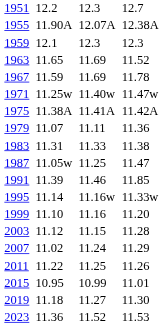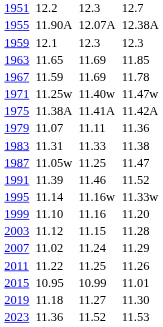 <table>
 <tr valign="top">
 <td><a href='#'>1951</a><br></td>
 <td></td>
 <td>12.2</td>
 <td></td>
 <td>12.3</td>
 <td></td>
 <td>12.7</td>
 </tr>
 <tr valign="top">
 <td><a href='#'>1955</a><br></td>
 <td></td>
 <td>11.90A</td>
 <td></td>
 <td>12.07A</td>
 <td></td>
 <td>12.38A</td>
 </tr>
 <tr valign="top">
 <td><a href='#'>1959</a><br></td>
 <td></td>
 <td>12.1</td>
 <td></td>
 <td>12.3</td>
 <td></td>
 <td>12.3</td>
 </tr>
 <tr valign="top">
 <td><a href='#'>1963</a><br></td>
 <td></td>
 <td>11.65</td>
 <td></td>
 <td>11.69</td>
 <td></td>
-<td>11.52</td>
+<td>11.85</td>
 </tr>
 <tr valign="top">
 <td><a href='#'>1967</a><br></td>
 <td></td>
 <td>11.59</td>
 <td></td>
 <td>11.69</td>
 <td></td>
 <td>11.78</td>
 </tr>
 <tr valign="top">
 <td><a href='#'>1971</a><br></td>
 <td></td>
 <td>11.25w</td>
 <td></td>
 <td>11.40w</td>
 <td></td>
 <td>11.47w</td>
 </tr>
 <tr valign="top">
 <td><a href='#'>1975</a><br></td>
 <td></td>
 <td>11.38A</td>
 <td></td>
 <td>11.41A</td>
 <td></td>
 <td>11.42A</td>
 </tr>
 <tr valign="top">
 <td><a href='#'>1979</a><br></td>
 <td></td>
 <td>11.07</td>
 <td></td>
 <td>11.11</td>
 <td></td>
 <td>11.36</td>
 </tr>
 <tr valign="top">
 <td><a href='#'>1983</a><br></td>
 <td></td>
 <td>11.31</td>
 <td></td>
 <td>11.33</td>
 <td></td>
 <td>11.38</td>
 </tr>
 <tr valign="top">
 <td><a href='#'>1987</a><br></td>
 <td></td>
 <td>11.05w</td>
 <td></td>
 <td>11.25</td>
 <td></td>
 <td>11.47</td>
 </tr>
 <tr valign="top">
 <td><a href='#'>1991</a><br></td>
 <td></td>
 <td>11.39</td>
 <td></td>
 <td>11.46</td>
 <td></td>
-<td>11.85</td>
+<td>11.52</td>
 </tr>
 <tr valign="top">
 <td><a href='#'>1995</a><br></td>
 <td></td>
 <td>11.14</td>
 <td></td>
 <td>11.16w</td>
 <td></td>
 <td>11.33w</td>
 </tr>
 <tr valign="top">
 <td><a href='#'>1999</a><br></td>
 <td></td>
 <td>11.10</td>
 <td></td>
 <td>11.16</td>
 <td></td>
 <td>11.20</td>
 </tr>
 <tr valign="top">
 <td><a href='#'>2003</a><br></td>
 <td></td>
 <td>11.12</td>
 <td></td>
 <td>11.15</td>
 <td></td>
 <td>11.28</td>
 </tr>
 <tr valign="top">
 <td><a href='#'>2007</a><br></td>
 <td></td>
 <td>11.02 </td>
 <td></td>
 <td>11.24</td>
 <td></td>
 <td>11.29</td>
 </tr>
 <tr valign="top">
 <td><a href='#'>2011</a><br></td>
 <td></td>
 <td>11.22 </td>
 <td></td>
 <td>11.25</td>
 <td></td>
 <td>11.26 </td>
 </tr>
 <tr valign="top">
 <td><a href='#'>2015</a><br></td>
 <td></td>
 <td>10.95</td>
 <td></td>
 <td>10.99 </td>
 <td></td>
 <td>11.01</td>
 </tr>
 <tr valign="top">
 <td><a href='#'>2019</a><br></td>
 <td></td>
 <td>11.18</td>
 <td></td>
 <td>11.27</td>
 <td></td>
 <td>11.30</td>
 </tr>
 <tr valign="top">
 <td><a href='#'>2023</a><br></td>
 <td></td>
 <td>11.36</td>
 <td></td>
 <td>11.52</td>
 <td></td>
 <td>11.53</td>
 </tr>
 </table>
